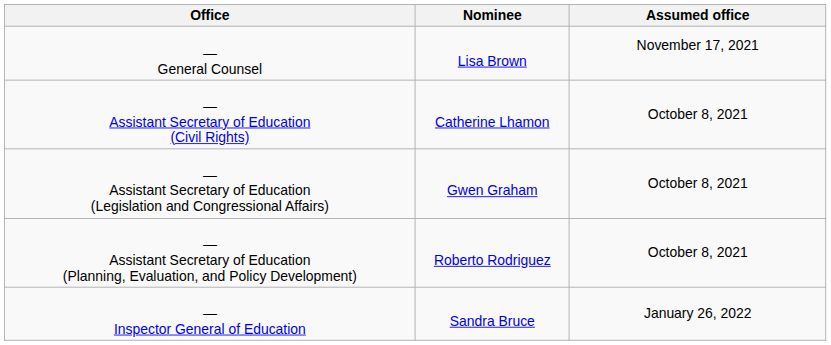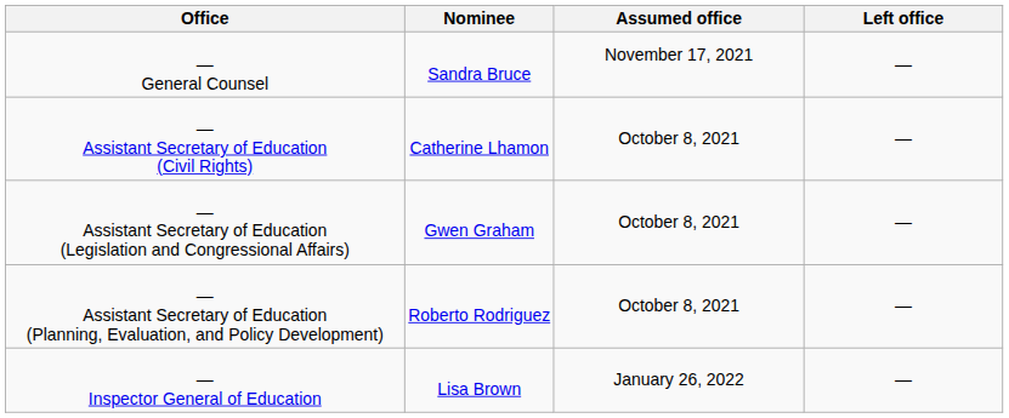 <table class="wikitable sortable" style="text-align:center">
 <tr>
 <th style="width:40%;">Office</th>
 <th style="width:15%;">Nominee</th>
 <th style="width:25%;" data-sort-type="date">Assumed office</th>
+<th style="width:20%;" data-sort-type="date">Left office</th>
 </tr>
 <tr>
 <td><br>—<br>General Counsel</td>
-<td><br><a href='#'>Lisa Brown</a></td>
+<td><br><a href='#'>Sandra Bruce</a></td>
 <td>November 17, 2021<br><br> </td>
+<td>—</td>
 </tr>
 <tr>
 <td><br>—<br><a href='#'>Assistant Secretary of Education<br>(Civil Rights)</a></td>
 <td><br><a href='#'>Catherine Lhamon</a></td>
 <td>October 8, 2021<br></td>
+<td>—</td>
 </tr>
 <tr>
 <td><br>—<br>Assistant Secretary of Education<br>(Legislation and Congressional Affairs)</td>
 <td><br><a href='#'>Gwen Graham</a></td>
 <td>October 8, 2021<br></td>
+<td>—</td>
 </tr>
 <tr>
 <td><br>—<br>Assistant Secretary of Education<br>(Planning, Evaluation, and Policy Development)</td>
 <td><br><a href='#'>Roberto Rodriguez</a></td>
 <td>October 8, 2021<br></td>
+<td>—</td>
 </tr>
 <tr>
 <td><br>—<br><a href='#'>Inspector General of Education</a></td>
-<td><br><a href='#'>Sandra Bruce</a></td>
+<td><br><a href='#'>Lisa Brown</a></td>
 <td>January 26, 2022<br></td>
+<td>—</td>
 </tr>
 </table>
